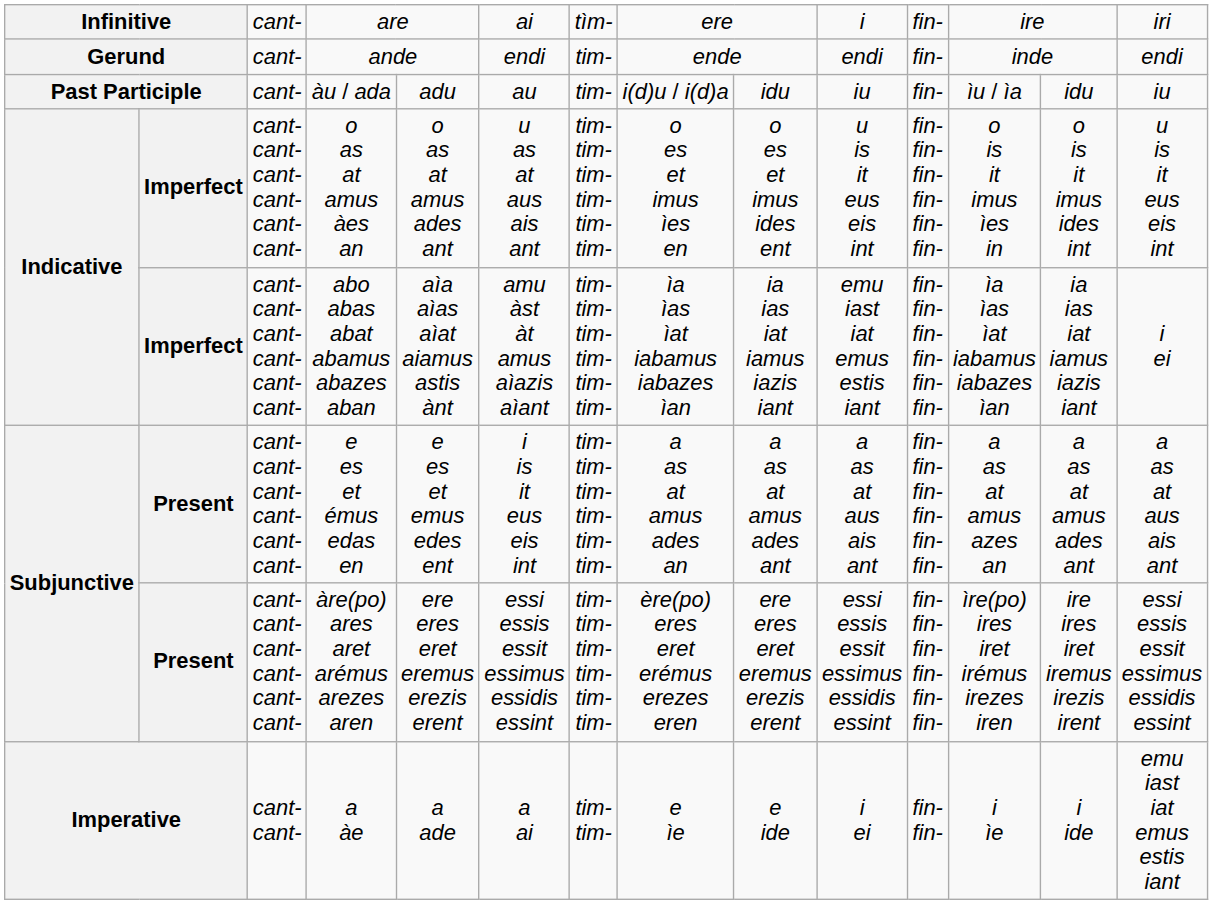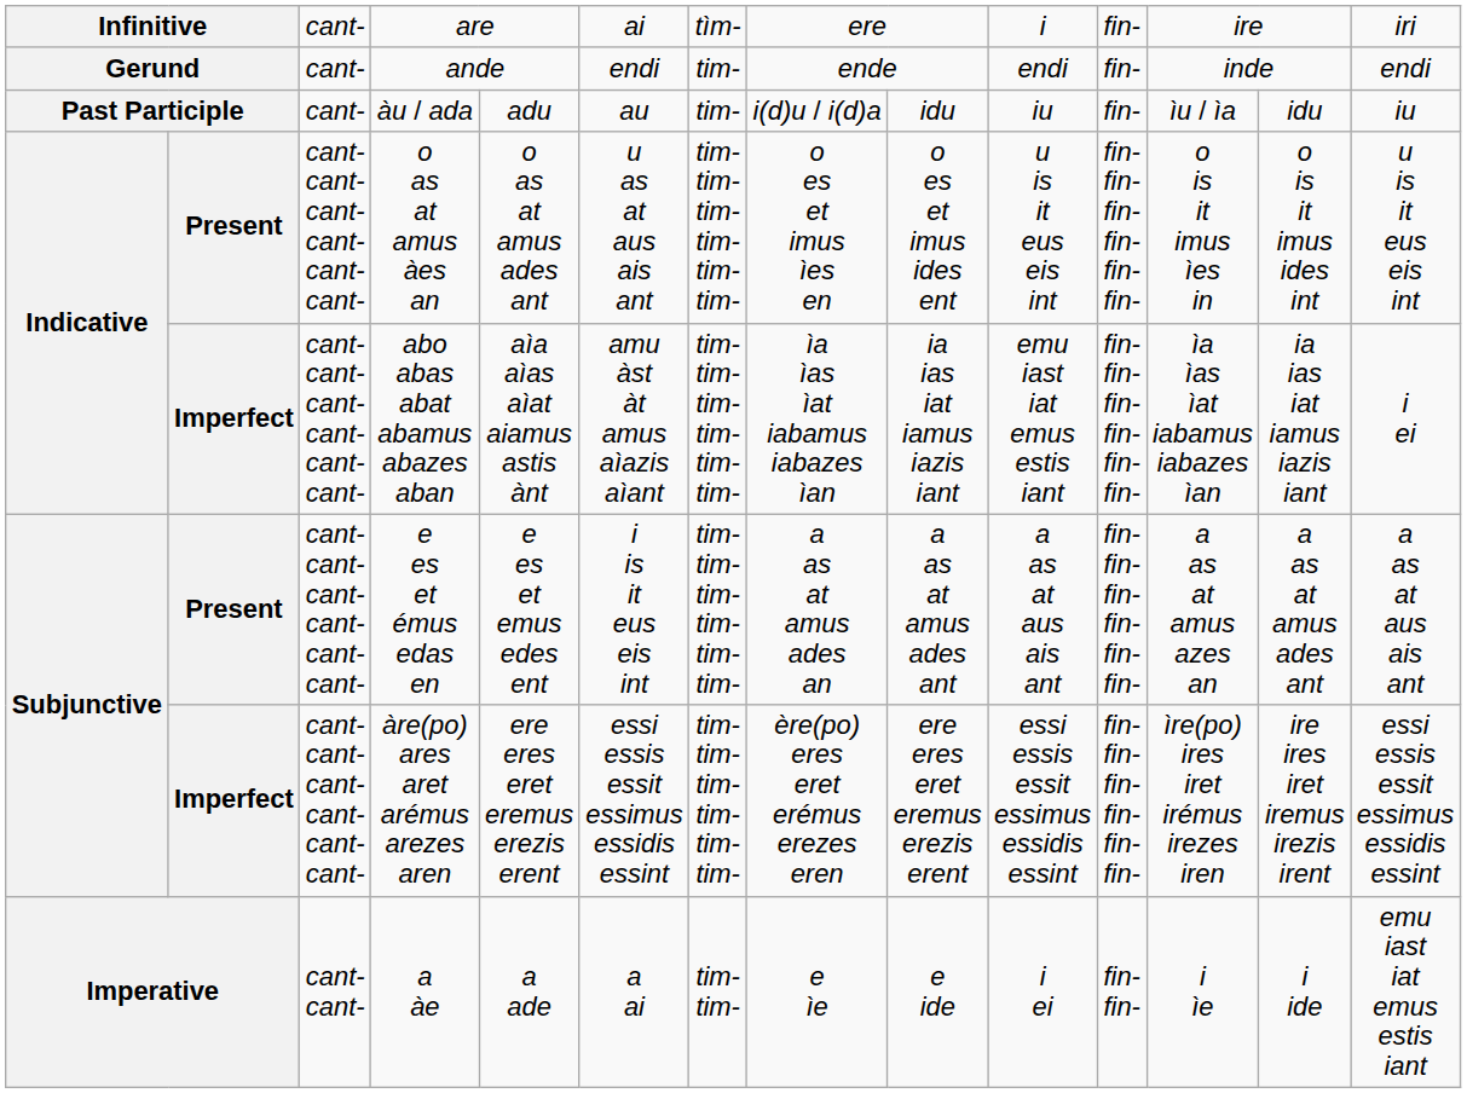 <table class="wikitable" style="text-align: center;">
 <tr>
 <th colspan="2">Infinitive</th>
 <td><em>cant-</em></td>
 <td colspan="2"><em>are</em></td>
 <td><em>ai</em></td>
 <td><em>tìm-</em></td>
 <td colspan="2"><em>ere</em></td>
 <td><em>i</em></td>
 <td><em>fin-</em></td>
 <td colspan="2"><em>ire</em></td>
 <td><em>iri</em></td>
 </tr>
 <tr>
 <th colspan="2">Gerund</th>
 <td><em>cant-</em></td>
 <td colspan="2"><em>ande</em></td>
 <td><em>endi</em></td>
 <td><em>tim-</em></td>
 <td colspan="2"><em>ende</em></td>
 <td><em>endi</em></td>
 <td><em>fin-</em></td>
 <td colspan="2"><em>inde</em></td>
 <td><em>endi</em></td>
 </tr>
 <tr>
 <th colspan="2">Past Participle</th>
 <td><em>cant-</em></td>
 <td><em>àu</em> / <em>ada</em></td>
 <td><em>adu</em></td>
 <td><em>au</em></td>
 <td><em>tim-</em></td>
 <td><em>i(d)u</em> / <em>i(d)a</em></td>
 <td><em>idu</em></td>
 <td><em>iu</em></td>
 <td><em>fin-</em></td>
 <td><em>ìu</em> / <em>ìa</em></td>
 <td><em>idu</em></td>
 <td><em>iu</em></td>
 </tr>
 <tr>
 <th rowspan="2">Indicative</th>
-<th>Imperfect</th>
+<th>Present</th>
 <td><em>cant-</em><br><em>cant-</em><br><em>cant-</em><br><em>cant-</em><br><em>cant-</em><br><em>cant-</em></td>
 <td><em>o</em><br><em>as</em><br><em>at</em><br><em>amus</em><br><em>àes</em><br><em>an</em></td>
 <td><em>o</em><br><em>as</em><br><em>at</em><br><em>amus</em><br><em>ades</em><br><em>ant</em></td>
 <td><em>u</em><br><em>as</em><br><em>at</em><br><em>aus</em><br><em>ais</em><br><em>ant</em></td>
 <td><em>tim-</em><br><em>tim-</em><br><em>tim-</em><br><em>tim-</em><br><em>tim-</em><br><em>tim-</em></td>
 <td><em>o</em><br><em>es</em><br><em>et</em><br><em>imus</em><br><em>ìes</em><br><em>en</em></td>
 <td><em>o</em><br><em>es</em><br><em>et</em><br><em>imus</em><br><em>ides</em><br><em>ent</em></td>
 <td><em>u</em><br><em>is</em><br><em>it</em><br><em>eus</em><br><em>eis</em><br><em>int</em></td>
 <td><em>fin-</em><br><em>fin-</em><br><em>fin-</em><br><em>fin-</em><br><em>fin-</em><br><em>fin-</em></td>
 <td><em>o</em><br><em>is</em><br><em>it</em><br><em>imus</em><br><em>ìes</em><br><em>in</em></td>
 <td><em>o</em><br><em>is</em><br><em>it</em><br><em>imus</em><br><em>ides</em><br><em>int</em></td>
 <td><em>u</em><br><em>is</em><br><em>it</em><br><em>eus</em><br><em>eis</em><br><em>int</em></td>
 </tr>
 <tr>
 <th>Imperfect</th>
 <td><em>cant-</em><br><em>cant-</em><br><em>cant-</em><br><em>cant-</em><br><em>cant-</em><br><em>cant-</em></td>
 <td><em>abo</em><br><em>abas</em><br><em>abat</em><br><em>abamus</em><br><em>abazes</em><br><em>aban</em></td>
 <td><em>aìa</em><br><em>aìas</em><br><em>aìat</em><br><em>aiamus</em><br><em>astis</em><br><em>ànt</em></td>
 <td><em>amu</em><br><em>àst</em><br><em>àt</em><br><em>amus</em><br><em>aìazis</em><br><em>aìant</em></td>
 <td><em>tim-</em><br><em>tim-</em><br><em>tim-</em><br><em>tim-</em><br><em>tim-</em><br><em>tim-</em></td>
 <td><em>ìa</em><br><em>ìas</em><br><em>ìat</em><br><em>iabamus</em><br><em>iabazes</em><br><em>ìan</em></td>
 <td><em>ia</em><br><em>ias</em><br><em>iat</em><br><em>iamus</em><br><em>iazis</em><br><em>iant</em></td>
 <td><em>emu</em><br><em>iast</em><br><em>iat</em><br><em>emus</em><br><em>estis</em><br><em>iant</em></td>
 <td><em>fin-</em><br><em>fin-</em><br><em>fin-</em><br><em>fin-</em><br><em>fin-</em><br><em>fin-</em></td>
 <td><em>ìa</em><br><em>ìas</em><br><em>ìat</em><br><em>iabamus</em><br><em>iabazes</em><br><em>ìan</em></td>
 <td><em>ia</em><br><em>ias</em><br><em>iat</em><br><em>iamus</em><br><em>iazis</em><br><em>iant</em></td>
 <td><em>i</em><br><em>ei</em></td>
 </tr>
 <tr>
 <th rowspan="2">Subjunctive</th>
 <th>Present</th>
 <td><em>cant-</em><br><em>cant-</em><br><em>cant-</em><br><em>cant-</em><br><em>cant-</em><br><em>cant-</em></td>
 <td><em>e</em><br><em>es</em><br><em>et</em><br><em>émus</em><br><em>edas</em><br><em>en</em></td>
 <td><em>e</em><br><em>es</em><br><em>et</em><br><em>emus</em><br><em>edes</em><br><em>ent</em></td>
 <td><em>i</em><br><em>is</em><br><em>it</em><br><em>eus</em><br><em>eis</em><br><em>int</em></td>
 <td><em>tim-</em><br><em>tim-</em><br><em>tim-</em><br><em>tim-</em><br><em>tim-</em><br><em>tim-</em></td>
 <td><em>a</em><br><em>as</em><br><em>at</em><br><em>amus</em><br><em>ades</em><br><em>an</em></td>
 <td><em>a</em><br><em>as</em><br><em>at</em><br><em>amus</em><br><em>ades</em><br><em>ant</em></td>
 <td><em>a</em><br><em>as</em><br><em>at</em><br><em>aus</em><br><em>ais</em><br><em>ant</em></td>
 <td><em>fin-</em><br><em>fin-</em><br><em>fin-</em><br><em>fin-</em><br><em>fin-</em><br><em>fin-</em></td>
 <td><em>a</em><br><em>as</em><br><em>at</em><br><em>amus</em><br><em>azes</em><br><em>an</em></td>
 <td><em>a</em><br><em>as</em><br><em>at</em><br><em>amus</em><br><em>ades</em><br><em>ant</em></td>
 <td><em>a</em><br><em>as</em><br><em>at</em><br><em>aus</em><br><em>ais</em><br><em>ant</em></td>
 </tr>
 <tr>
-<th>Present</th>
+<th>Imperfect</th>
 <td><em>cant-</em><br><em>cant-</em><br><em>cant-</em><br><em>cant-</em><br><em>cant-</em><br><em>cant-</em></td>
 <td><em>àre(po)</em><br><em>ares</em><br><em>aret</em><br><em>arémus</em><br><em>arezes</em><br><em>aren</em></td>
 <td><em>ere</em><br><em>eres</em><br><em>eret</em><br><em>eremus</em><br><em>erezis</em><br><em>erent</em></td>
 <td><em>essi</em><br><em>essis</em><br><em>essit</em><br><em>essimus</em><br><em>essidis</em><br><em>essint</em></td>
 <td><em>tim-</em><br><em>tim-</em><br><em>tim-</em><br><em>tim-</em><br><em>tim-</em><br><em>tim-</em></td>
 <td><em>ère(po)</em><br><em>eres</em><br><em>eret</em><br><em>erémus</em><br><em>erezes</em><br><em>eren</em></td>
 <td><em>ere</em><br><em>eres</em><br><em>eret</em><br><em>eremus</em><br><em>erezis</em><br><em>erent</em></td>
 <td><em>essi</em><br><em>essis</em><br><em>essit</em><br><em>essimus</em><br><em>essidis</em><br><em>essint</em></td>
 <td><em>fin-</em><br><em>fin-</em><br><em>fin-</em><br><em>fin-</em><br><em>fin-</em><br><em>fin-</em></td>
 <td><em>ìre(po)</em><br><em>ires</em><br><em>iret</em><br><em>irémus</em><br><em>irezes</em><br><em>iren</em></td>
 <td><em>ire</em><br><em>ires</em><br><em>iret</em><br><em>iremus</em><br><em>irezis</em><br><em>irent</em></td>
 <td><em>essi</em><br><em>essis</em><br><em>essit</em><br><em>essimus</em><br><em>essidis</em><br><em>essint</em></td>
 </tr>
 <tr>
 <th colspan="2">Imperative</th>
 <td><em>cant-</em><br><em>cant-</em></td>
 <td><em>a</em><br><em>àe</em></td>
 <td><em>a</em><br><em>ade</em></td>
 <td><em>a</em><br><em>ai</em></td>
 <td><em>tim-</em><br><em>tim-</em></td>
 <td><em>e</em><br><em>ìe</em></td>
 <td><em>e</em><br><em>ide</em></td>
 <td><em>i</em><br><em>ei</em></td>
 <td><em>fin-</em><br><em>fin-</em></td>
 <td><em>i</em><br><em>ìe</em></td>
 <td><em>i</em><br><em>ide</em></td>
 <td><em>emu</em><br><em>iast</em><br><em>iat</em><br><em>emus</em><br><em>estis</em><br><em>iant</em></td>
 </tr>
 </table>
